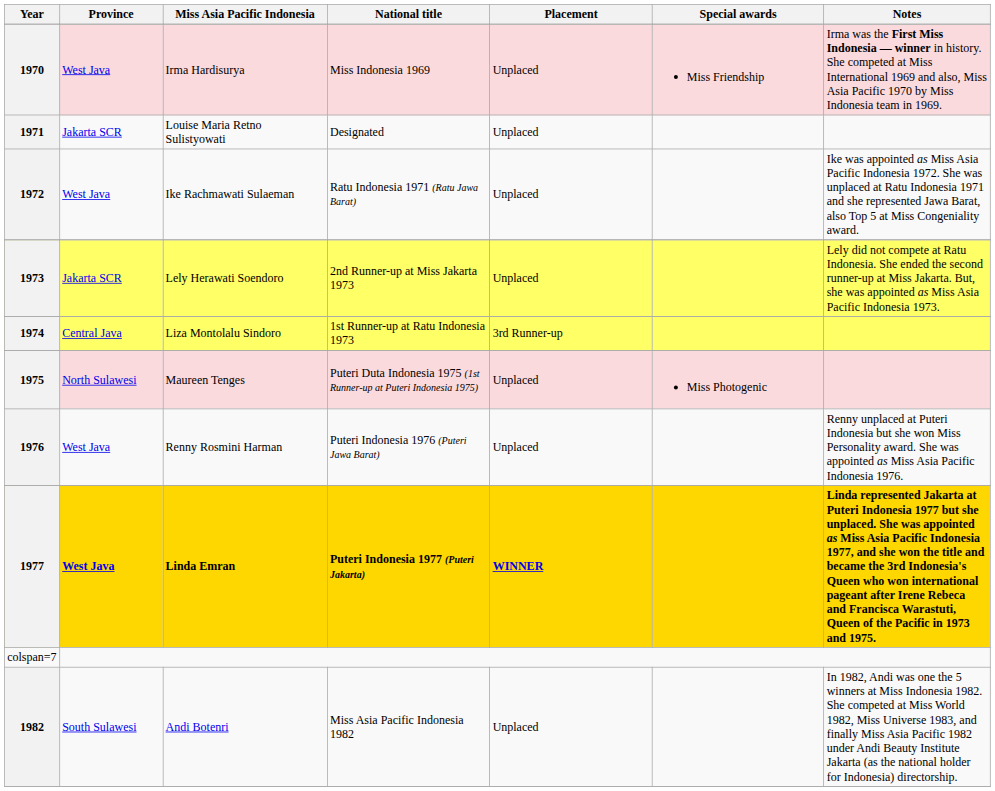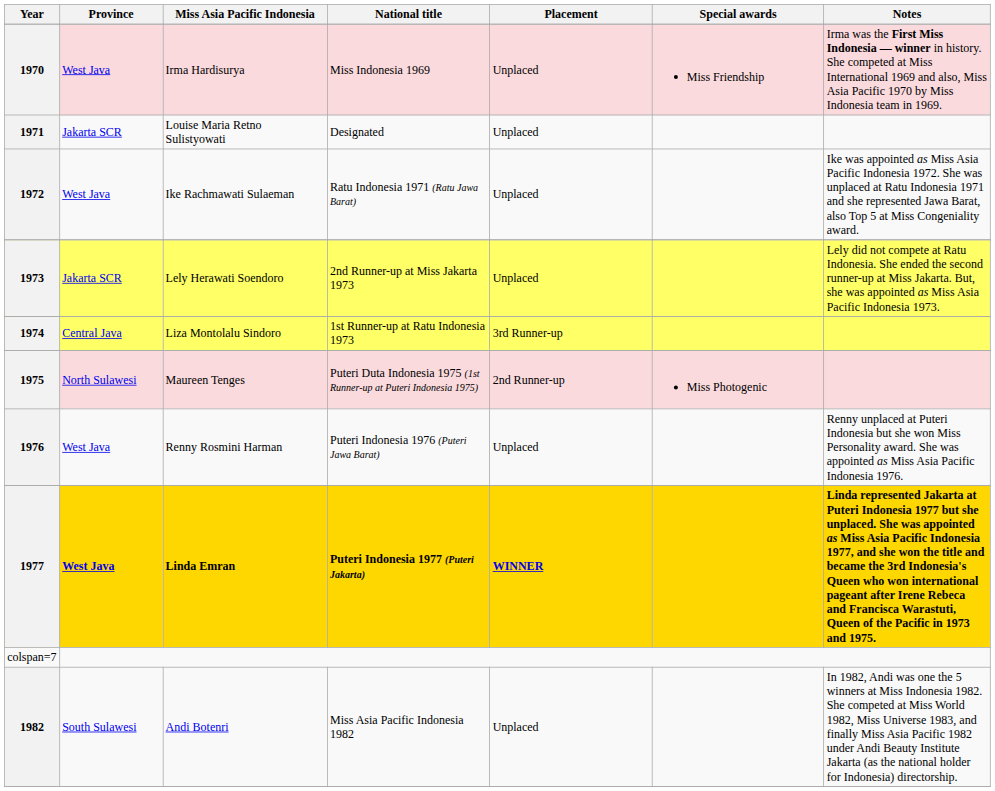 <table class="wikitable " style="font-size: 95%;">
 <tr>
 <th width="60">Year</th>
 <th width="150">Province</th>
 <th width="250">Miss Asia Pacific Indonesia</th>
 <th width="250">National title</th>
 <th width="250">Placement</th>
 <th width="250">Special awards</th>
 <th width="250">Notes</th>
 </tr>
 <tr>
 </tr>
 <tr style="background-color:#FADADD; ">
 <th>1970</th>
 <td><a href='#'>West Java</a></td>
 <td>Irma Hardisurya</td>
 <td>Miss Indonesia 1969</td>
 <td>Unplaced</td>
 <td><br><ul><li>Miss Friendship</li></ul></td>
 <td>Irma was the <strong>First Miss Indonesia ― winner</strong> in history. She competed at Miss International 1969 and also, Miss Asia Pacific 1970 by Miss Indonesia team in 1969.</td>
 </tr>
 <tr>
 <th>1971</th>
 <td><a href='#'>Jakarta SCR</a></td>
 <td>Louise Maria Retno Sulistyowati</td>
 <td>Designated</td>
 <td>Unplaced</td>
 <td></td>
 <td></td>
 </tr>
 <tr>
 <th>1972</th>
 <td><a href='#'>West Java</a></td>
 <td>Ike Rachmawati Sulaeman</td>
 <td>Ratu Indonesia 1971 <small><em>(Ratu Jawa Barat)</em></small></td>
 <td>Unplaced</td>
 <td></td>
 <td>Ike was appointed <em>as</em> Miss Asia Pacific Indonesia 1972. She was unplaced at Ratu Indonesia 1971 and she represented Jawa Barat, also Top 5 at Miss Congeniality award.</td>
 </tr>
 <tr>
 </tr>
 <tr style="background-color:#FFFF66; ">
 <th>1973</th>
 <td><a href='#'>Jakarta SCR</a></td>
 <td>Lely Herawati Soendoro</td>
 <td>2nd Runner-up at Miss Jakarta 1973</td>
 <td>Unplaced</td>
 <td></td>
 <td>Lely did not compete at Ratu Indonesia. She ended the second runner-up at Miss Jakarta. But, she was appointed <em>as</em> Miss Asia Pacific Indonesia 1973.</td>
 </tr>
 <tr>
 </tr>
 <tr style="background-color:#FFFF66; ">
 <th>1974</th>
 <td><a href='#'>Central Java</a></td>
 <td>Liza Montolalu Sindoro</td>
 <td>1st Runner-up at Ratu Indonesia 1973</td>
 <td>3rd Runner-up</td>
 <td></td>
 <td></td>
 </tr>
 <tr>
 </tr>
 <tr style="background-color:#FADADD; ">
 <th>1975</th>
 <td><a href='#'>North Sulawesi</a></td>
 <td>Maureen Tenges</td>
 <td>Puteri Duta Indonesia 1975 <small><em>(1st Runner-up at Puteri Indonesia 1975)</em></small></td>
-<td>Unplaced</td>
+<td>2nd Runner-up</td>
 <td><br><ul><li>Miss Photogenic</li></ul></td>
 <td></td>
 </tr>
 <tr>
 <th>1976</th>
 <td><a href='#'>West Java</a></td>
 <td>Renny Rosmini Harman</td>
 <td>Puteri Indonesia 1976 <small><em>(Puteri Jawa Barat)</em></small></td>
 <td>Unplaced</td>
 <td></td>
 <td>Renny unplaced at Puteri Indonesia but she won Miss Personality award. She was appointed <em>as</em> Miss Asia Pacific Indonesia 1976.</td>
 </tr>
 <tr>
 </tr>
 <tr style="background-color:GOLD; font-weight: bold">
 <th>1977</th>
 <td><a href='#'>West Java</a></td>
 <td>Linda Emran</td>
 <td>Puteri Indonesia 1977 <small><em>(Puteri Jakarta)</em></small></td>
 <td><a href='#'>WINNER</a></td>
 <td></td>
 <td>Linda represented Jakarta at Puteri Indonesia 1977 but she unplaced. She was appointed <em>as</em> Miss Asia Pacific Indonesia 1977, and she won the title and became the <strong>3rd Indonesia's Queen who won international pageant</strong> after Irene Rebeca and Francisca Warastuti, Queen of the Pacific in 1973 and 1975.</td>
 </tr>
 <tr>
 <td>colspan=7 </td>
 </tr>
 <tr>
 <th>1982</th>
 <td><a href='#'>South Sulawesi</a></td>
 <td><a href='#'>Andi Botenri</a></td>
 <td>Miss Asia Pacific Indonesia 1982</td>
 <td>Unplaced</td>
 <td></td>
 <td>In 1982, Andi was one the 5 winners at Miss Indonesia 1982. She competed at Miss World 1982, Miss Universe 1983, and finally Miss Asia Pacific 1982 under Andi Beauty Institute Jakarta (as the national holder for Indonesia) directorship.</td>
 </tr>
 <tr>
 </tr>
 </table>
